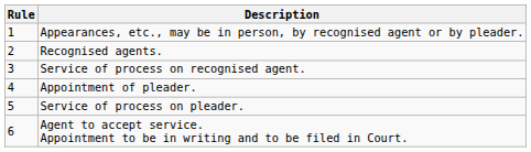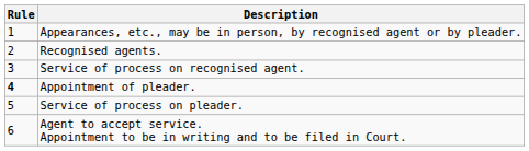 <table class="wikitable">
 <tr>
 <th>Rule</th>
 <th>Description</th>
 </tr>
 <tr>
 <td>1</td>
 <td>Appearances, etc., may be in person, by recognised agent or by pleader.</td>
 </tr>
 <tr>
 <td>2</td>
 <td>Recognised agents.</td>
 </tr>
 <tr>
 <td>3</td>
 <td>Service of process on recognised agent.</td>
 </tr>
 <tr>
-<td>4</td>
+<td><strong>4</strong></td>
 <td>Appointment of pleader.</td>
 </tr>
 <tr>
 <td>5</td>
 <td>Service of process on pleader.</td>
 </tr>
 <tr>
 <td>6</td>
 <td>Agent to accept service.<br>Appointment to be in writing and to be filed in Court.</td>
 </tr>
 </table>
